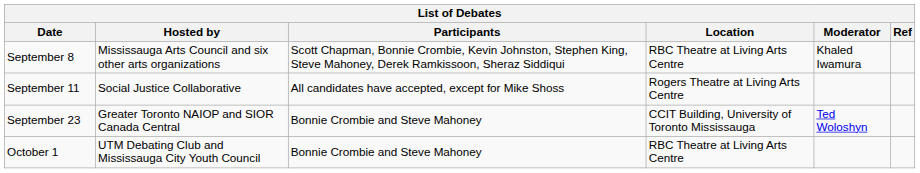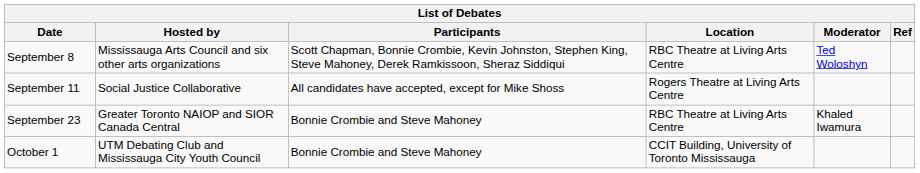 <table class="wikitable">
 <tr style="background:#e9e9e9;">
 <th colspan="6">List of Debates</th>
 </tr>
 <tr>
 <th style="width:10%">Date</th>
 <th>Hosted by</th>
 <th>Participants</th>
 <th>Location</th>
 <th>Moderator</th>
 <th>Ref</th>
 </tr>
 <tr>
 <td>September 8</td>
 <td>Mississauga Arts Council and six other arts organizations</td>
 <td>Scott Chapman, Bonnie Crombie, Kevin Johnston, Stephen King, Steve Mahoney, Derek Ramkissoon, Sheraz Siddiqui</td>
 <td>RBC Theatre at Living Arts Centre</td>
-<td>Khaled Iwamura</td>
+<td><a href='#'>Ted Woloshyn</a></td>
 <td></td>
 </tr>
 <tr>
 <td>September 11</td>
 <td>Social Justice Collaborative</td>
 <td>All candidates have accepted, except for Mike Shoss</td>
 <td>Rogers Theatre at Living Arts Centre</td>
 <td></td>
 <td></td>
 </tr>
 <tr>
 <td>September 23</td>
 <td>Greater Toronto NAIOP and SIOR Canada Central</td>
 <td>Bonnie Crombie and Steve Mahoney</td>
-<td>CCIT Building, University of Toronto Mississauga</td>
-<td><a href='#'>Ted Woloshyn</a></td>
+<td>RBC Theatre at Living Arts Centre</td>
+<td>Khaled Iwamura</td>
 <td></td>
 </tr>
 <tr>
 <td>October 1</td>
 <td>UTM Debating Club and Mississauga City Youth Council</td>
 <td>Bonnie Crombie and Steve Mahoney</td>
-<td>RBC Theatre at Living Arts Centre</td>
+<td>CCIT Building, University of Toronto Mississauga</td>
 <td></td>
 <td></td>
 </tr>
 </table>
